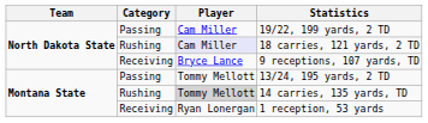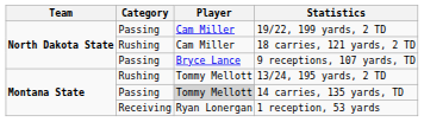 <table class="wikitable" style="float: right;">
 <tr>
 <th>Team</th>
 <th>Category</th>
 <th>Player</th>
 <th>Statistics</th>
 </tr>
 <tr>
 <td rowspan=3><strong>North Dakota State</strong></td>
 <td>Passing</td>
 <td><a href='#'>Cam Miller</a></td>
 <td>19/22, 199 yards, 2 TD</td>
 </tr>
 <tr>
 <td>Rushing</td>
-<td style="background: lavender;">Cam Miller</td>
+<td>Cam Miller</td>
 <td>18 carries, 121 yards, 2 TD</td>
 </tr>
 <tr>
-<td>Receiving</td>
+<td>Passing</td>
 <td><a href='#'>Bryce Lance</a></td>
 <td>9 receptions, 107 yards, TD</td>
 </tr>
 <tr>
 <td rowspan=3><strong>Montana State</strong></td>
-<td>Passing</td>
+<td>Rushing</td>
 <td>Tommy Mellott</td>
 <td>13/24, 195 yards, 2 TD</td>
 </tr>
 <tr>
-<td>Rushing</td>
+<td>Passing</td>
 <td style="background: lightgrey;">Tommy Mellott</td>
 <td>14 carries, 135 yards, TD</td>
 </tr>
 <tr>
 <td>Receiving</td>
 <td>Ryan Lonergan</td>
 <td>1 reception, 53 yards</td>
 </tr>
 </table>
